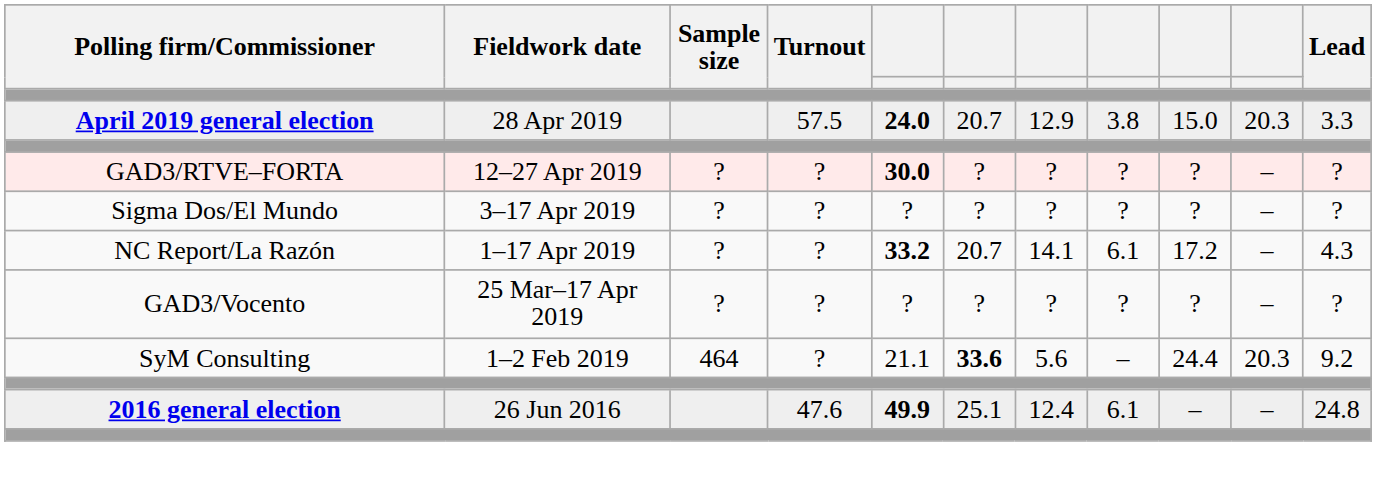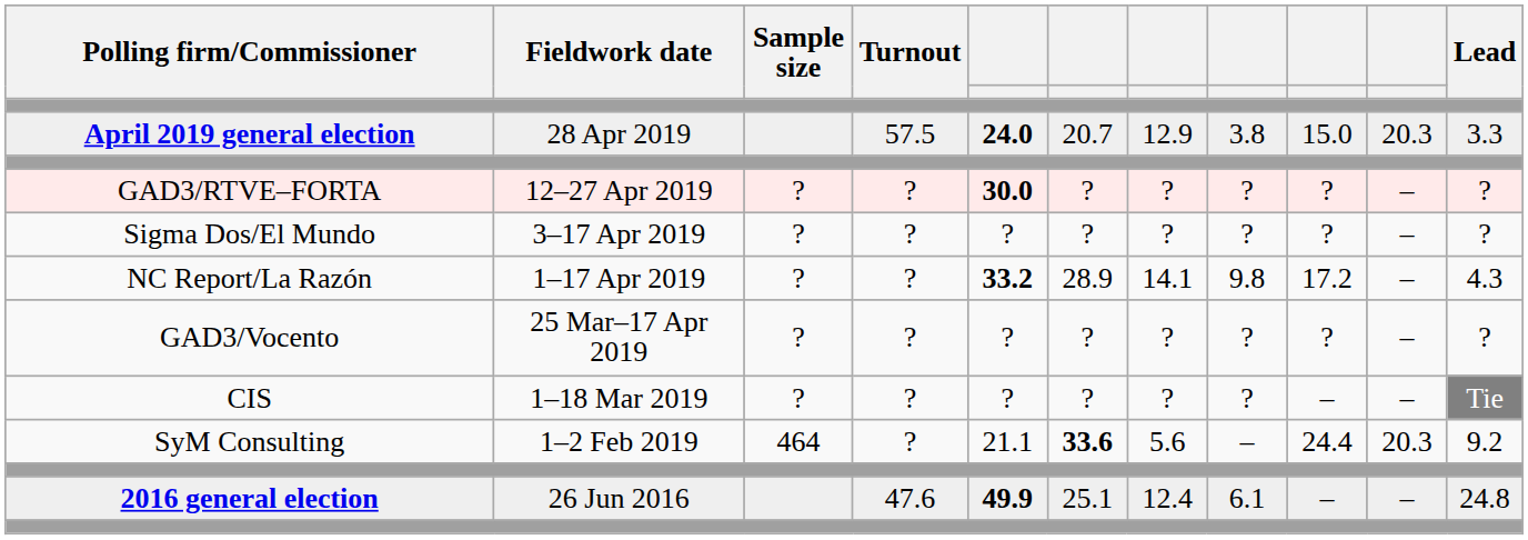 <table class="wikitable collapsible collapsed" style="text-align:center; font-size:95%; line-height:16px;">
 <tr style="height:42px;">
 <th style="width:250px;" rowspan="2">Polling firm/Commissioner</th>
 <th style="width:125px;" rowspan="2">Fieldwork date</th>
 <th style="width:50px;" rowspan="2">Sample size</th>
 <th style="width:45px;" rowspan="2">Turnout</th>
 <th style="width:35px;"></th>
 <th style="width:35px;"></th>
 <th style="width:35px;"></th>
 <th style="width:35px;"></th>
 <th style="width:35px;"></th>
 <th style="width:35px;"></th>
 <th style="width:30px;" rowspan="2">Lead</th>
 </tr>
 <tr>
 <th style="color:inherit;background:"></th>
 <th style="color:inherit;background:"></th>
 <th style="color:inherit;background:"></th>
 <th style="color:inherit;background:"></th>
 <th style="color:inherit;background:"></th>
 <th style="color:inherit;background:"></th>
 </tr>
 <tr>
 <td colspan="11" style="background:#A0A0A0"></td>
 </tr>
 <tr style="background:#EFEFEF;">
 <td><strong><a href='#'>April 2019 general election</a></strong></td>
 <td>28 Apr 2019</td>
 <td></td>
 <td>57.5</td>
 <td><strong>24.0</strong><br></td>
 <td>20.7<br></td>
 <td>12.9<br></td>
 <td>3.8<br></td>
 <td>15.0<br></td>
 <td>20.3<br></td>
 <td style="background:">3.3</td>
 </tr>
 <tr>
 <td colspan="11" style="background:#A0A0A0"></td>
 </tr>
 <tr style="background:#FFEAEA;">
 <td>GAD3/RTVE–FORTA</td>
 <td>12–27 Apr 2019</td>
 <td>?</td>
 <td>?</td>
 <td><strong>30.0</strong><br></td>
 <td>?<br></td>
 <td>?<br></td>
 <td>?<br></td>
 <td>?<br></td>
 <td>–</td>
 <td style="background:">?</td>
 </tr>
 <tr>
 <td>Sigma Dos/El Mundo</td>
 <td>3–17 Apr 2019</td>
 <td>?</td>
 <td>?</td>
 <td>?<br></td>
 <td>?<br></td>
 <td>?<br></td>
 <td>?<br></td>
 <td>?<br></td>
 <td>–</td>
 <td style="background:">?</td>
 </tr>
 <tr>
 <td>NC Report/La Razón</td>
 <td>1–17 Apr 2019</td>
 <td>?</td>
 <td>?</td>
 <td><strong>33.2</strong><br></td>
-<td>20.7<br></td>
+<td>28.9<br></td>
 <td>14.1<br></td>
-<td>6.1<br></td>
+<td>9.8<br></td>
 <td>17.2<br></td>
 <td>–</td>
 <td style="background:">4.3</td>
 </tr>
 <tr>
 <td>GAD3/Vocento</td>
 <td>25 Mar–17 Apr 2019</td>
 <td>?</td>
 <td>?</td>
 <td>?<br></td>
 <td>?<br></td>
 <td>?<br></td>
 <td>?<br></td>
 <td>?<br></td>
 <td>–</td>
 <td style="background:">?</td>
+</tr>
+<tr>
+<td>CIS</td>
+<td>1–18 Mar 2019</td>
+<td>?</td>
+<td>?</td>
+<td>?<br></td>
+<td>?<br></td>
+<td>?<br></td>
+<td>?<br></td>
+<td>–</td>
+<td>–</td>
+<td style="background:gray;color:white;">Tie</td>
 </tr>
 <tr>
 <td>SyM Consulting</td>
 <td>1–2 Feb 2019</td>
 <td>464</td>
 <td>?</td>
 <td>21.1<br></td>
 <td><strong>33.6</strong><br></td>
 <td>5.6<br></td>
 <td>–</td>
 <td>24.4<br></td>
 <td>20.3<br></td>
 <td style="background:">9.2</td>
 </tr>
 <tr>
 <td colspan="11" style="background:#A0A0A0"></td>
 </tr>
 <tr style="background:#EFEFEF;">
 <td><strong><a href='#'>2016 general election</a></strong></td>
 <td>26 Jun 2016</td>
 <td></td>
 <td>47.6</td>
 <td><strong>49.9</strong><br></td>
 <td>25.1<br></td>
 <td>12.4<br></td>
 <td>6.1<br></td>
 <td>–</td>
 <td>–</td>
 <td style="background:">24.8</td>
 </tr>
 <tr>
 <td colspan="11" style="background:#A0A0A0"></td>
 </tr>
 </table>
